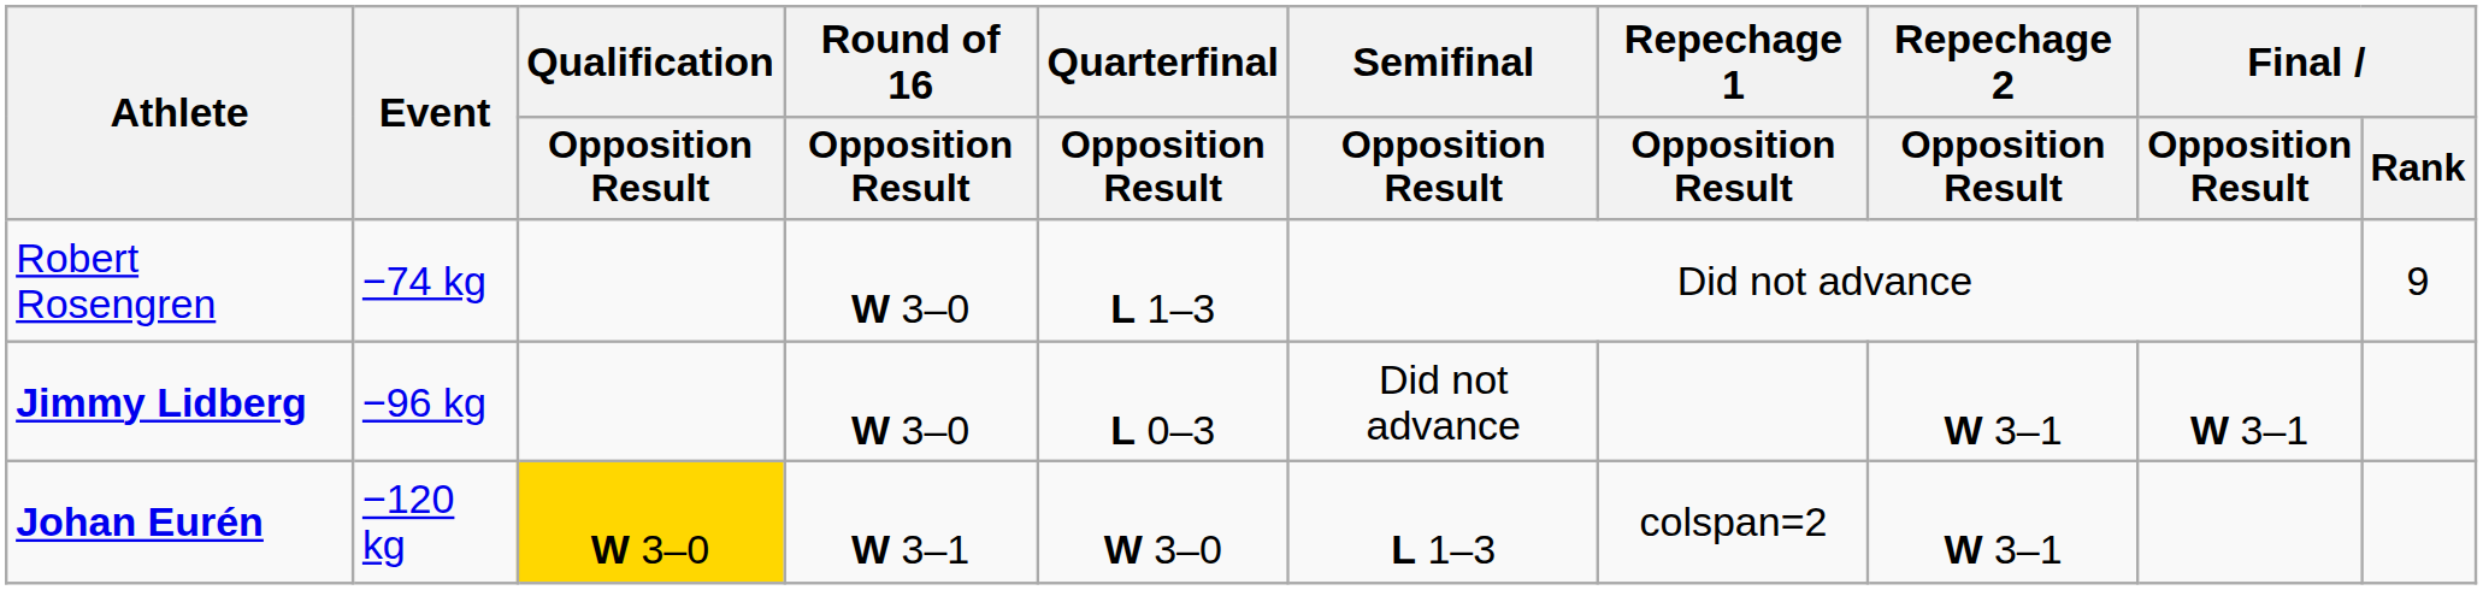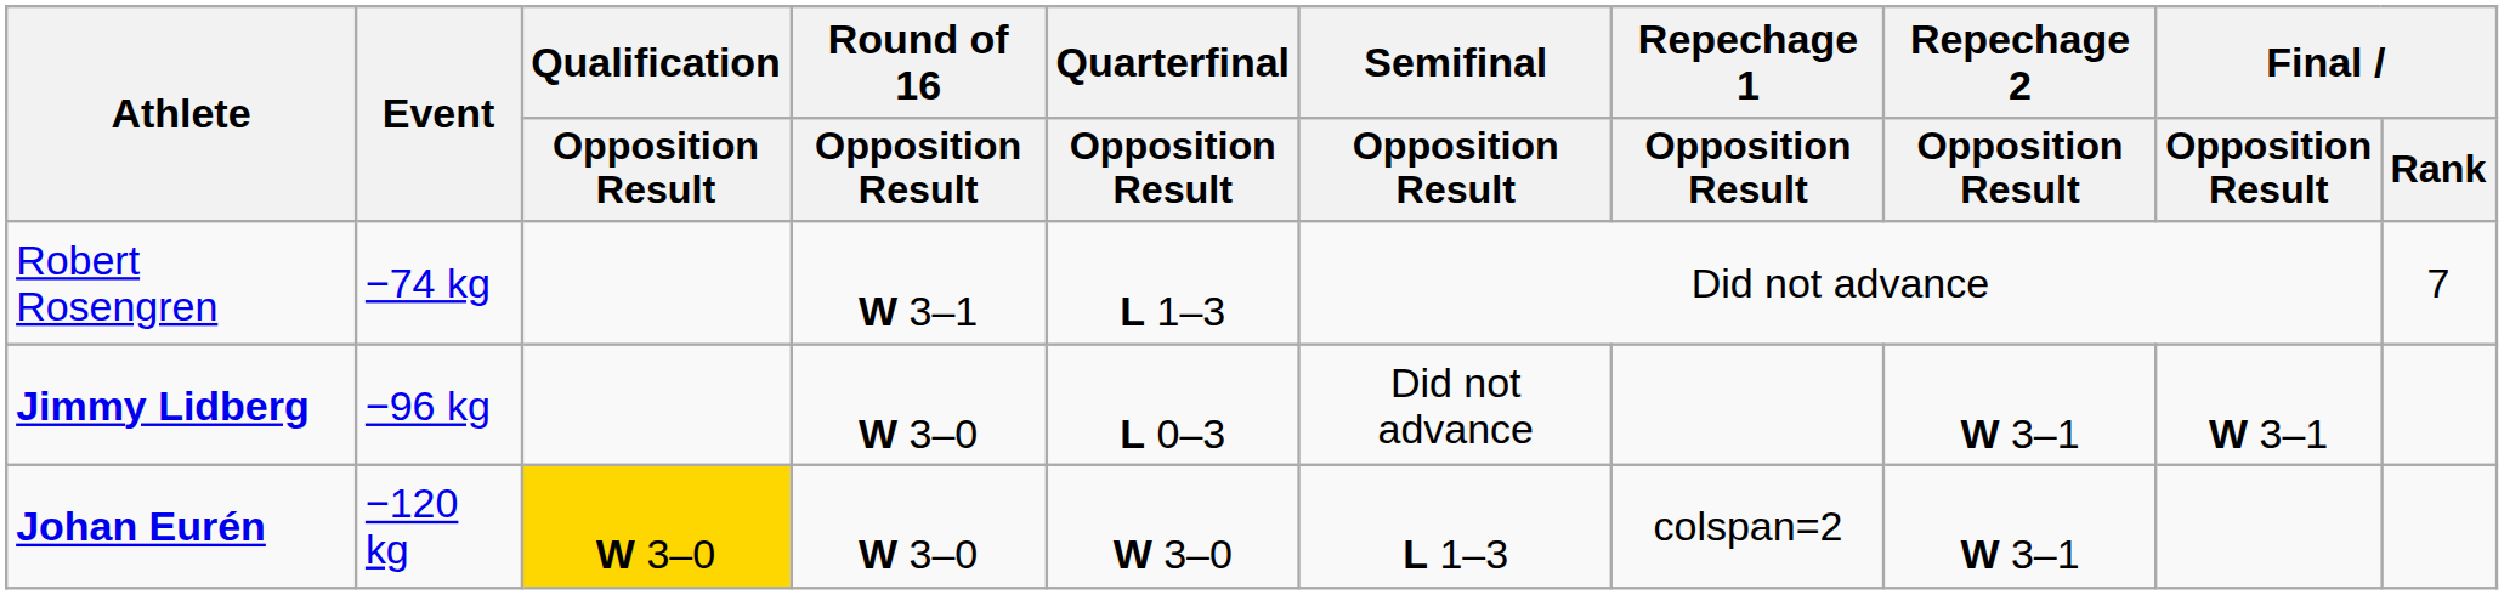 <table class="wikitable" style="font-size:90%">
 <tr>
 <th rowspan="2">Athlete</th>
 <th rowspan="2">Event</th>
 <th>Qualification</th>
 <th>Round of 16</th>
 <th>Quarterfinal</th>
 <th>Semifinal</th>
 <th>Repechage 1</th>
 <th>Repechage 2</th>
 <th colspan=2>Final / </th>
 </tr>
 <tr style="font-size: 95%">
 <th>Opposition<br>Result</th>
 <th>Opposition<br>Result</th>
 <th>Opposition<br>Result</th>
 <th>Opposition<br>Result</th>
 <th>Opposition<br>Result</th>
 <th>Opposition<br>Result</th>
 <th>Opposition<br>Result</th>
 <th>Rank</th>
 </tr>
 <tr align=center>
 <td align=left><a href='#'>Robert Rosengren</a></td>
 <td align=left><a href='#'>−74 kg</a></td>
 <td></td>
-<td><br><strong>W</strong> 3–0 <sup></sup></td>
+<td><br><strong>W</strong> 3–1 <sup></sup></td>
 <td><br><strong>L</strong> 1–3 <sup></sup></td>
 <td colspan=4>Did not advance</td>
-<td>9</td>
+<td>7</td>
 </tr>
 <tr align=center>
 <td align=left><strong><a href='#'>Jimmy Lidberg</a></strong></td>
 <td align=left><a href='#'>−96 kg</a></td>
 <td></td>
 <td><br><strong>W</strong> 3–0 <sup></sup></td>
 <td><br><strong>L</strong> 0–3 <sup></sup></td>
 <td>Did not advance</td>
 <td></td>
 <td><br><strong>W</strong> 3–1 <sup></sup></td>
 <td><br><strong>W</strong> 3–1 <sup></sup></td>
 <td></td>
 </tr>
 <tr align=center>
 <td align=left><strong><a href='#'>Johan Eurén</a></strong></td>
 <td align=left><a href='#'>−120 kg</a></td>
 <td style="background: gold;"><br><strong>W</strong> 3–0 <sup></sup></td>
-<td><br><strong>W</strong> 3–1 <sup></sup></td>
+<td><br><strong>W</strong> 3–0 <sup></sup></td>
 <td><br><strong>W</strong> 3–0 <sup></sup></td>
 <td><br><strong>L</strong> 1–3 <sup></sup></td>
 <td>colspan=2 </td>
 <td><br><strong>W</strong> 3–1 <sup></sup></td>
 <td></td>
 </tr>
 </table>
